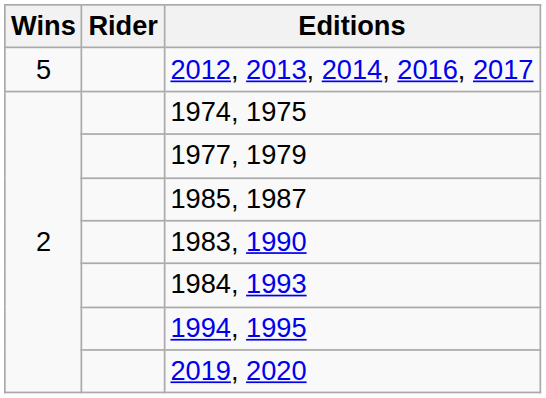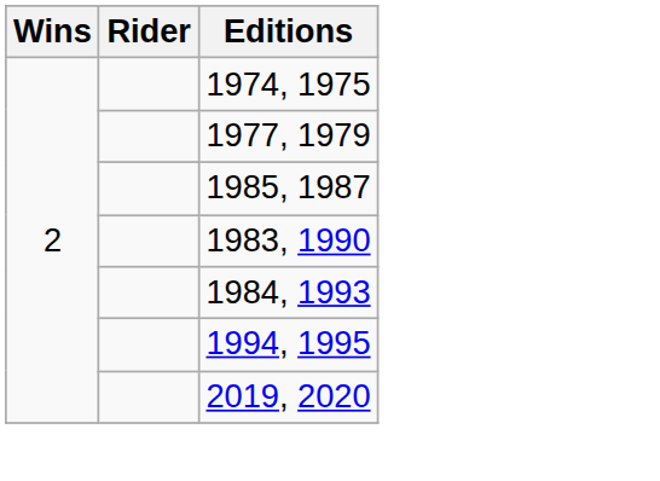 <table class="wikitable">
 <tr>
 <th>Wins</th>
 <th>Rider</th>
 <th>Editions</th>
-</tr>
-<tr>
-<td align=center>5</td>
-<td></td>
-<td><a href='#'>2012</a>, <a href='#'>2013</a>, <a href='#'>2014</a>, <a href='#'>2016</a>, <a href='#'>2017</a></td>
 </tr>
 <tr>
 <td style="text-align:center;" rowspan="7">2</td>
 <td></td>
 <td>1974, 1975</td>
 </tr>
 <tr>
 <td></td>
 <td>1977, 1979</td>
 </tr>
 <tr>
 <td></td>
 <td>1985, 1987</td>
 </tr>
 <tr>
 <td></td>
 <td>1983, <a href='#'>1990</a></td>
 </tr>
 <tr>
 <td></td>
 <td>1984, <a href='#'>1993</a></td>
 </tr>
 <tr>
 <td></td>
 <td><a href='#'>1994</a>, <a href='#'>1995</a></td>
 </tr>
 <tr>
 <td></td>
 <td><a href='#'>2019</a>, <a href='#'>2020</a></td>
 </tr>
 </table>
